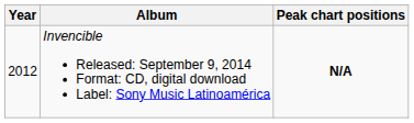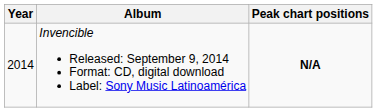 <table class="wikitable" style="text-align:center;">
 <tr>
 <th rowspan="1">Year</th>
 <th rowspan="1">Album</th>
 <th colspan="1">Peak chart positions</th>
 </tr>
 <tr>
-<td>2012</td>
+<td>2014</td>
 <td align="left"><em>Invencible</em><br><ul><li>Released: September 9, 2014</li><li>Format: CD, digital download</li><li>Label: <a href='#'>Sony Music Latinoamérica</a></li></ul></td>
 <td><strong>N/A</strong></td>
 </tr>
 </table>
